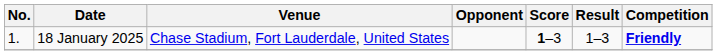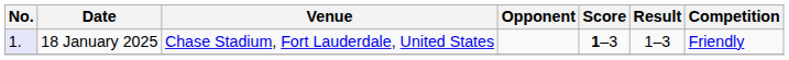 <table class="wikitable">
 <tr>
 <th>No.</th>
 <th>Date</th>
 <th>Venue</th>
 <th>Opponent</th>
 <th>Score</th>
 <th>Result</th>
 <th>Competition</th>
 </tr>
 <tr>
-<td>1.</td>
+<td style="background: lavender;">1.</td>
 <td>18 January 2025</td>
 <td><a href='#'>Chase Stadium</a>, <a href='#'>Fort Lauderdale</a>, <a href='#'>United States</a></td>
 <td></td>
 <td align=center><strong>1</strong>–3</td>
 <td align=center>1–3</td>
-<td><strong><a href='#'>Friendly</a></strong></td>
+<td><a href='#'>Friendly</a></td>
 </tr>
 <tr>
 </tr>
 </table>
